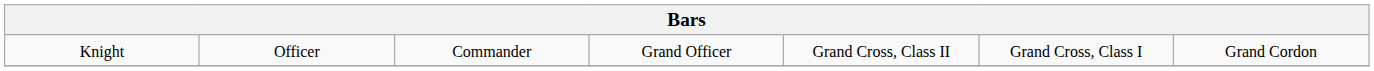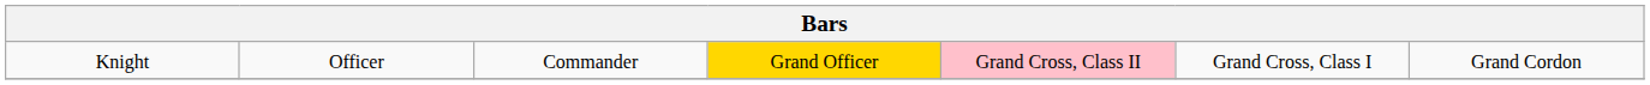 <table align=center class=wikitable width=90%>
 <tr>
 <th colspan="7">Bars</th>
 </tr>
 <tr>
 <td width=14% valign=top align=center><small>Knight</small></td>
 <td width=14% valign=top align=center><small>Officer</small></td>
 <td width=14% valign=top align=center><small>Commander</small></td>
-<td width=14% valign=top align=center><small>Grand Officer</small></td>
-<td width="14%" valign="top" align="center"><small>Grand Cross, Class II</small></td>
+<td width=14% valign=top align=center style="background: gold;"><small>Grand Officer</small></td>
+<td width="14%" valign="top" align="center" style="background: pink;"><small>Grand Cross, Class II</small></td>
 <td width="14%" valign="top" align="center"><small>Grand Cross, Class I</small></td>
 <td width="14%" valign="top" align="center"><small>Grand Cordon</small></td>
 </tr>
 <tr>
 </tr>
 </table>
